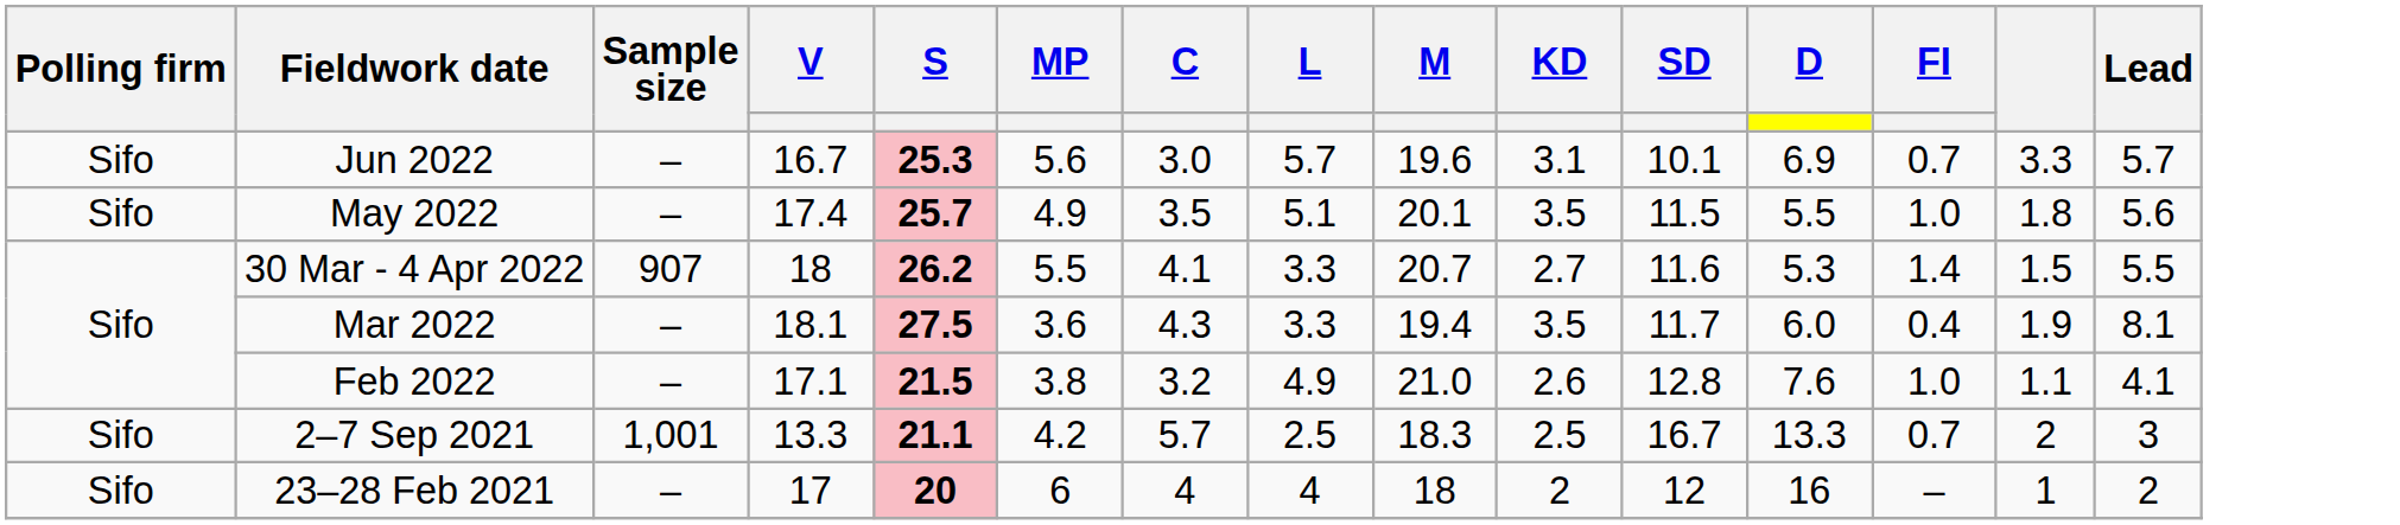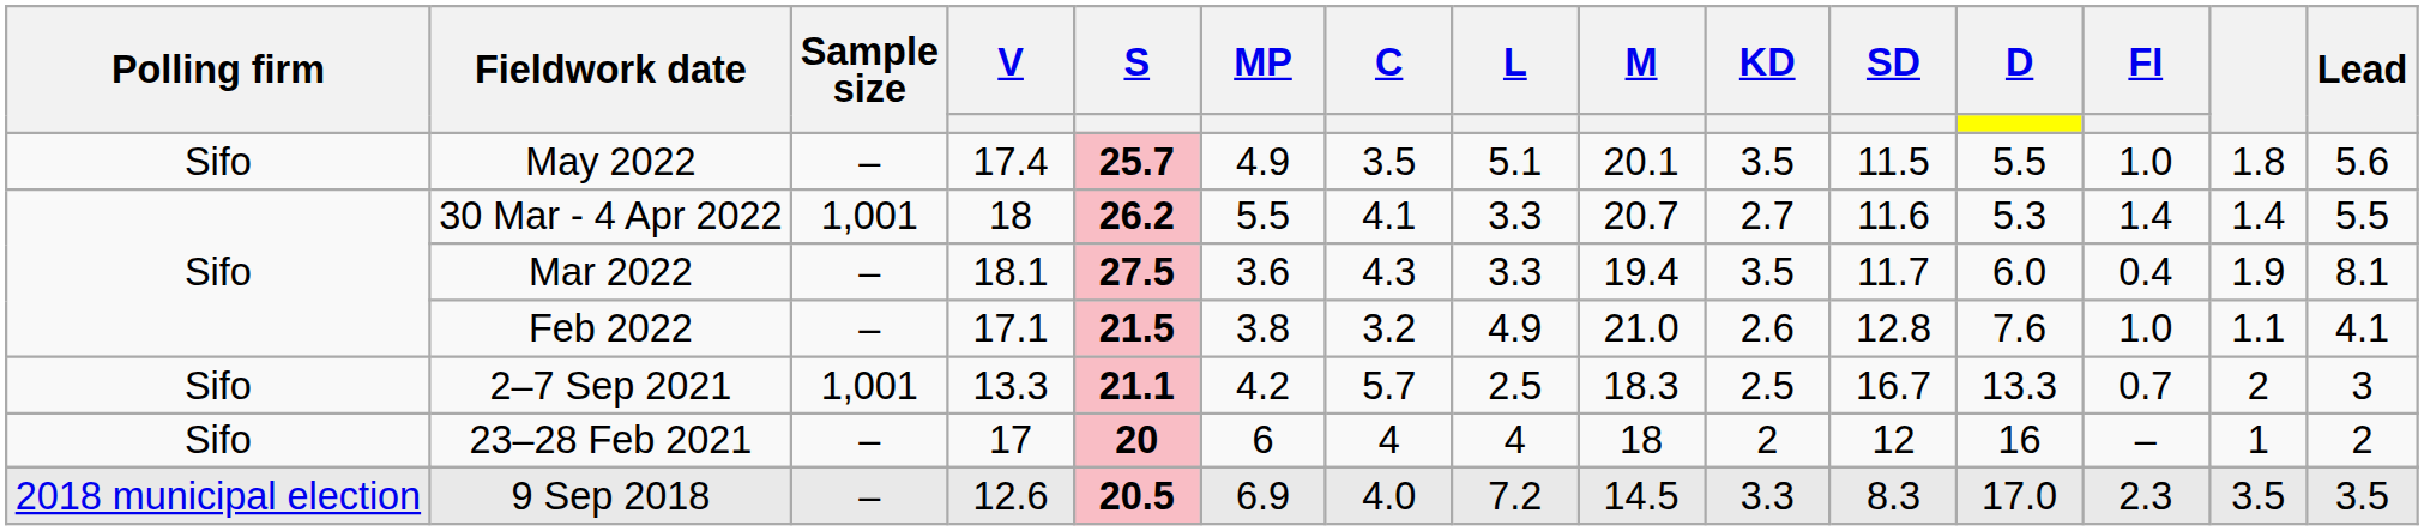 <table class="wikitable sortable" style="text-align:center;font-size:90%;line-height:14px;">
 <tr style="height:40px;">
 <th rowspan="2">Polling firm</th>
 <th rowspan="2">Fieldwork date</th>
 <th rowspan="2">Sample<br>size</th>
 <th class="sortable" style="width:40px;"><a href='#'>V</a></th>
 <th class="sortable" style="width:40px;"><a href='#'>S</a></th>
 <th class="sortable" style="width:40px;"><a href='#'>MP</a></th>
 <th class="sortable" style="width:40px;"><a href='#'>C</a></th>
 <th class="sortable" style="width:40px;"><a href='#'>L</a></th>
 <th class="sortable" style="width:40px;"><a href='#'>M</a></th>
 <th class="sortable" style="width:40px;"><a href='#'>KD</a></th>
 <th class="sortable" style="width:40px;"><a href='#'>SD</a></th>
 <th class="sortable" style="width:40px;"><a href='#'>D</a></th>
 <th class="sortable" style="width:40px;"><a href='#'>FI</a></th>
 <th class="sortable" style="width:30px;" rowspan="2"></th>
 <th style="width:30px;" rowspan="2">Lead</th>
 </tr>
 <tr>
 <th style="background:"></th>
 <th style="background:"></th>
 <th style="background:"></th>
 <th style="background:"></th>
 <th style="background:"></th>
 <th style="background:"></th>
 <th style="background:"></th>
 <th style="background:"></th>
 <th style="background:#FFFF00"></th>
 <th style="background:"></th>
 </tr>
 <tr>
 <td>Sifo</td>
-<td>Jun 2022</td>
-<td>–</td>
-<td>16.7</td>
-<td style="background:#F9BDC5;"><strong>25.3</strong></td>
-<td>5.6</td>
-<td>3.0</td>
-<td>5.7</td>
-<td>19.6</td>
-<td>3.1</td>
-<td>10.1</td>
-<td>6.9</td>
-<td>0.7</td>
-<td>3.3</td>
-<td style="background:">5.7</td>
-</tr>
-<tr>
-<td>Sifo</td>
 <td>May 2022</td>
 <td>–</td>
 <td>17.4</td>
 <td style="background:#F9BDC5;"><strong>25.7</strong></td>
 <td>4.9</td>
 <td>3.5</td>
 <td>5.1</td>
 <td>20.1</td>
 <td>3.5</td>
 <td>11.5</td>
 <td>5.5</td>
 <td>1.0</td>
 <td>1.8</td>
 <td style="background:">5.6</td>
 </tr>
 <tr>
 <td rowspan="3">Sifo</td>
 <td>30 Mar - 4 Apr 2022</td>
-<td>907</td>
+<td>1,001</td>
 <td>18</td>
 <td style="background:#F9BDC5;"><strong>26.2</strong></td>
 <td>5.5</td>
 <td>4.1</td>
 <td>3.3</td>
 <td>20.7</td>
 <td>2.7</td>
 <td>11.6</td>
 <td>5.3</td>
 <td>1.4</td>
-<td>1.5</td>
+<td>1.4</td>
 <td style="background:">5.5</td>
 </tr>
 <tr>
 <td>Mar 2022</td>
 <td>–</td>
 <td>18.1</td>
 <td style="background:#F9BDC5;"><strong>27.5</strong></td>
 <td>3.6</td>
 <td>4.3</td>
 <td>3.3</td>
 <td>19.4</td>
 <td>3.5</td>
 <td>11.7</td>
 <td>6.0</td>
 <td>0.4</td>
 <td>1.9</td>
 <td style="background:">8.1</td>
 </tr>
 <tr>
 <td>Feb 2022</td>
 <td>–</td>
 <td>17.1</td>
 <td style="background:#F9BDC5;"><strong>21.5</strong></td>
 <td>3.8</td>
 <td>3.2</td>
 <td>4.9</td>
 <td>21.0</td>
 <td>2.6</td>
 <td>12.8</td>
 <td>7.6</td>
 <td>1.0</td>
 <td>1.1</td>
 <td style="background:">4.1</td>
 </tr>
 <tr>
 <td>Sifo</td>
 <td>2–7 Sep 2021</td>
 <td>1,001</td>
 <td>13.3</td>
 <td style="background:#F9BDC5;"><strong>21.1</strong></td>
 <td>4.2</td>
 <td>5.7</td>
 <td>2.5</td>
 <td>18.3</td>
 <td>2.5</td>
 <td>16.7</td>
 <td>13.3</td>
 <td>0.7</td>
 <td>2</td>
 <td style="background:">3</td>
 </tr>
 <tr>
 <td>Sifo</td>
 <td>23–28 Feb 2021</td>
 <td>–</td>
 <td>17</td>
 <td style="background:#F9BDC5;"><strong>20</strong></td>
 <td>6</td>
 <td>4</td>
 <td>4</td>
 <td>18</td>
 <td>2</td>
 <td>12</td>
 <td>16</td>
 <td>–</td>
 <td>1</td>
 <td style="background:">2</td>
 </tr>
 <tr>
 </tr>
+<tr style="background:#E9E9E9;">
+<td><a href='#'>2018 municipal election</a></td>
+<td data-sort-value="2018-09-09">9 Sep 2018</td>
+<td>–</td>
+<td>12.6</td>
+<td style="background:#F9BDC5;"><strong>20.5</strong></td>
+<td>6.9</td>
+<td>4.0</td>
+<td>7.2</td>
+<td>14.5</td>
+<td>3.3</td>
+<td>8.3</td>
+<td>17.0</td>
+<td>2.3</td>
+<td>3.5</td>
+<td style="background:">3.5</td>
+</tr>
 </table>
